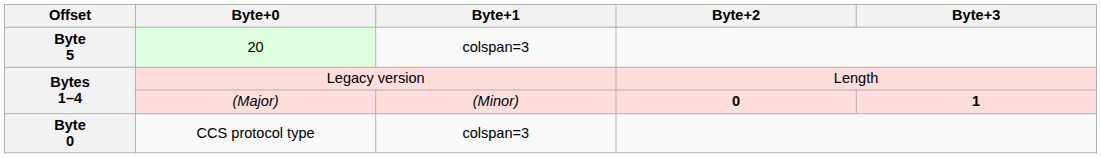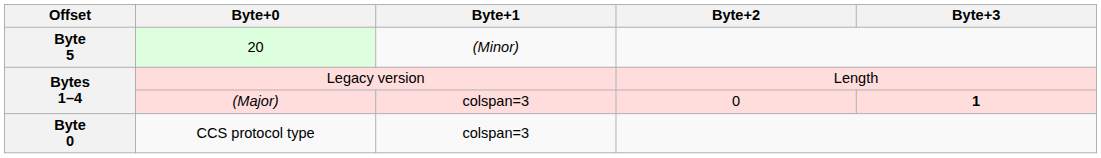 <table class="wikitable"style=width:95%;text-align:center>
 <tr>
 <th scope=col>Offset</th>
 <th scope=col style=width:22%>Byte+0</th>
 <th scope=col style=width:22%>Byte+1</th>
 <th scope=col style=width:22%>Byte+2</th>
 <th scope=col style=width:22%>Byte+3</th>
 </tr>
 <tr>
 <th>Byte<br>5</th>
 <td style=background:#dfd>20</td>
-<td>colspan=3</td>
+<td><em>(Minor)</em></td>
 </tr>
 <tr>
 <th scope=row rowspan=2>Bytes<br>1–4</th>
 <td colspan=2 style=background:#fdd>Legacy version</td>
 <td colspan=2 style=background:#fdd>Length</td>
 </tr>
 <tr style=background:#fdd>
 <td><em>(Major)</em></td>
-<td><em>(Minor)</em></td>
-<td><strong>0</strong></td>
+<td>colspan=3</td>
+<td>0</td>
 <td><strong>1</strong></td>
 </tr>
 <tr>
 <th scope=row>Byte<br>0</th>
 <td>CCS protocol type</td>
 <td>colspan=3</td>
 </tr>
 </table>
